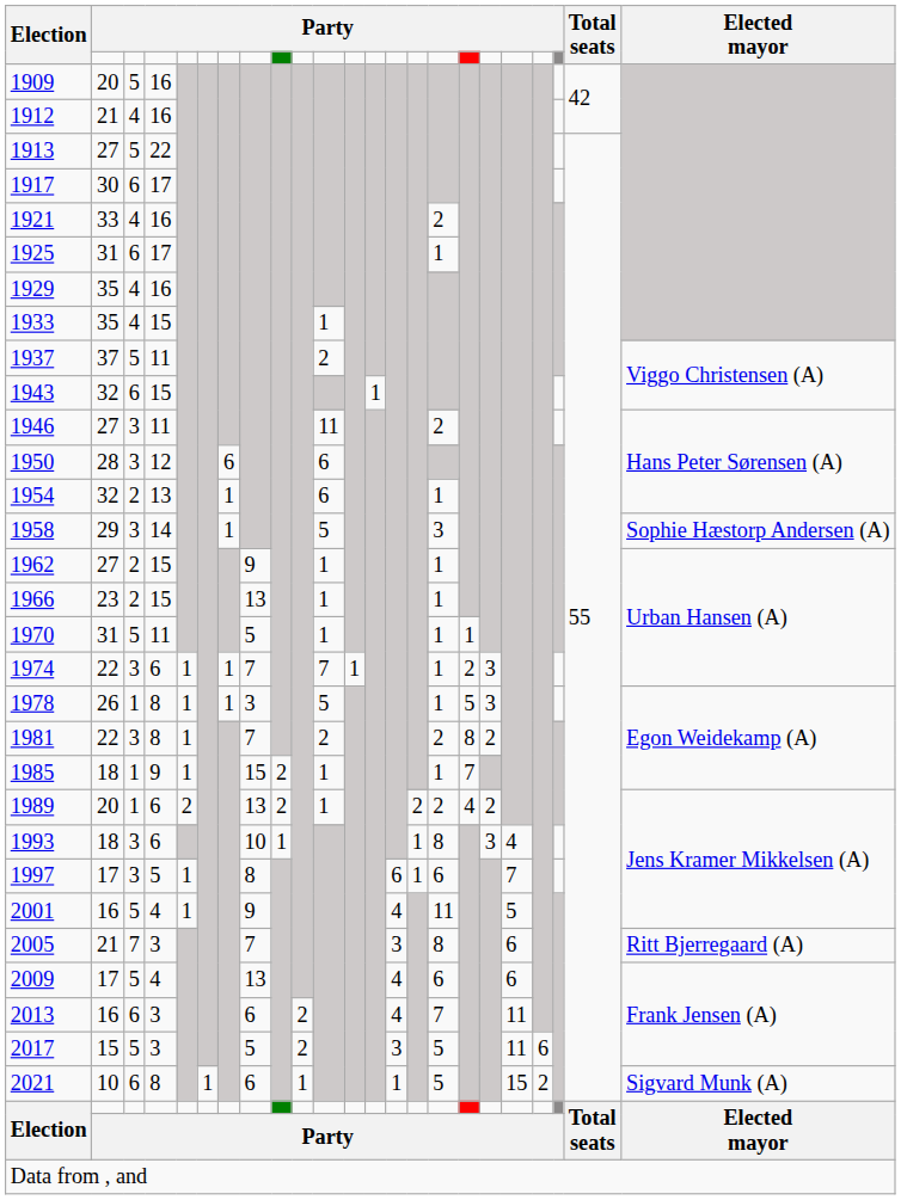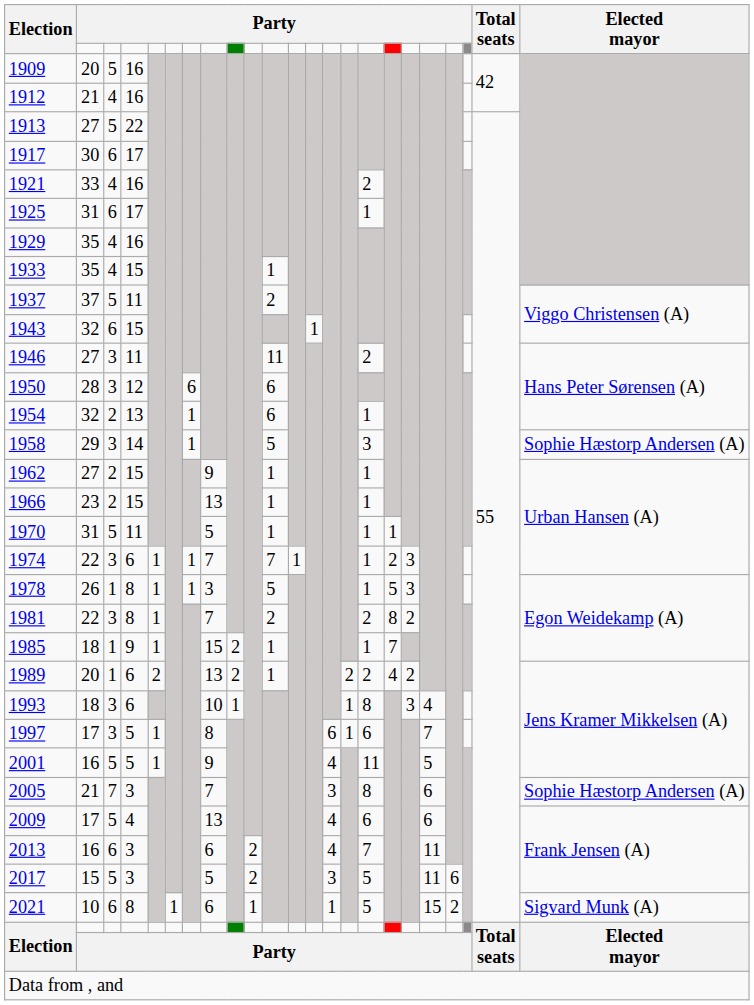 <table class="wikitable">
 <tr>
 <th rowspan="2">Election</th>
 <th colspan="20">Party</th>
 <th rowspan="2">Total<br>seats</th>
 <th rowspan="2">Elected<br>mayor</th>
 </tr>
 <tr>
 <td style="background:"><strong><a href='#'></a></strong></td>
 <td style="background:"><strong><a href='#'></a></strong></td>
 <td style="background:"><strong><a href='#'></a></strong></td>
 <td style="background:"><strong><a href='#'></a></strong></td>
 <td style="background:"><strong><a href='#'></a></strong></td>
 <td style="background:"><strong><a href='#'></a></strong></td>
 <td style="background:"><strong><a href='#'></a></strong></td>
 <td style="background:green;"><strong><a href='#'></a></strong></td>
 <td style="background:"><strong><a href='#'></a></strong></td>
 <td style="background:"><strong><a href='#'></a></strong></td>
 <td style="background:"><strong><a href='#'></a></strong></td>
 <td style="background:"><strong><a href='#'></a></strong></td>
 <td style="background:"><strong><a href='#'></a></strong></td>
 <td style="background:"><strong><a href='#'></a></strong></td>
 <td style="background:"><strong><a href='#'></a></strong></td>
 <td style="background:red;"><strong><a href='#'></a></strong></td>
 <td style="background:"><strong><a href='#'></a></strong></td>
 <td style="background:"><strong><a href='#'></a></strong></td>
 <td style="background:"><strong><a href='#'></a></strong></td>
 <td style="background:#8B8989;"><strong></strong></td>
 </tr>
 <tr>
 <td><a href='#'>1909</a></td>
 <td>20</td>
 <td>5</td>
 <td>16</td>
 <td style="background:#CDC9C9;" rowspan="17"></td>
 <td style="background:#CDC9C9;" rowspan="29"></td>
 <td style="background:#CDC9C9;" rowspan="11"></td>
 <td style="background:#CDC9C9;" rowspan="14"></td>
 <td style="background:#CDC9C9;" rowspan="20"></td>
 <td style="background:#CDC9C9;" rowspan="27"></td>
 <td style="background:#CDC9C9;" rowspan="7"></td>
 <td style="background:#CDC9C9;" rowspan="17"></td>
 <td style="background:#CDC9C9;" rowspan="9"></td>
 <td style="background:#CDC9C9;" rowspan="23"></td>
 <td style="background:#CDC9C9;" rowspan="21"></td>
 <td style="background:#CDC9C9;" rowspan="4"></td>
 <td style="background:#CDC9C9;" rowspan="16"></td>
 <td style="background:#CDC9C9;" rowspan="17"></td>
 <td style="background:#CDC9C9;" rowspan="22"></td>
 <td style="background:#CDC9C9;" rowspan="28"></td>
 <td></td>
 <td rowspan="2">42</td>
 <td style="background:#CDC9C9;" rowspan="8"></td>
 </tr>
 <tr>
 <td><a href='#'>1912</a></td>
 <td>21</td>
 <td>4</td>
 <td>16</td>
 <td></td>
 </tr>
 <tr>
 <td><a href='#'>1913</a></td>
 <td>27</td>
 <td>5</td>
 <td>22</td>
 <td></td>
 <td rowspan="28">55</td>
 </tr>
 <tr>
 <td><a href='#'>1917</a></td>
 <td>30</td>
 <td>6</td>
 <td>17</td>
 <td></td>
 </tr>
 <tr>
 <td><a href='#'>1921</a></td>
 <td>33</td>
 <td>4</td>
 <td>16</td>
 <td>2</td>
 <td style="background:#CDC9C9;" rowspan="5"></td>
 </tr>
 <tr>
 <td><a href='#'>1925</a></td>
 <td>31</td>
 <td>6</td>
 <td>17</td>
 <td>1</td>
 </tr>
 <tr>
 <td><a href='#'>1929</a></td>
 <td>35</td>
 <td>4</td>
 <td>16</td>
 <td style="background:#CDC9C9;" rowspan="4"></td>
 </tr>
 <tr>
 <td><a href='#'>1933</a></td>
 <td>35</td>
 <td>4</td>
 <td>15</td>
 <td>1</td>
 </tr>
 <tr>
 <td><a href='#'>1937</a></td>
 <td>37</td>
 <td>5</td>
 <td>11</td>
 <td>2</td>
 <td rowspan="2"><a href='#'>Viggo Christensen</a> (A)</td>
 </tr>
 <tr>
 <td><a href='#'>1943</a></td>
 <td>32</td>
 <td>6</td>
 <td>15</td>
 <td style="background:#CDC9C9;"></td>
 <td>1</td>
 <td></td>
 </tr>
 <tr>
 <td><a href='#'>1946</a></td>
 <td>27</td>
 <td>3</td>
 <td>11</td>
 <td>11</td>
 <td style="background:#CDC9C9;" rowspan="20"></td>
 <td>2</td>
 <td></td>
 <td rowspan="3"><a href='#'>Hans Peter Sørensen</a> (A)</td>
 </tr>
 <tr>
 <td><a href='#'>1950</a></td>
 <td>28</td>
 <td>3</td>
 <td>12</td>
 <td>6</td>
 <td>6</td>
 <td style="background:#CDC9C9;"></td>
 <td style="background:#CDC9C9;" rowspan="6"></td>
 </tr>
 <tr>
 <td><a href='#'>1954</a></td>
 <td>32</td>
 <td>2</td>
 <td>13</td>
 <td>1</td>
 <td>6</td>
 <td>1</td>
 </tr>
 <tr>
 <td><a href='#'>1958</a></td>
 <td>29</td>
 <td>3</td>
 <td>14</td>
 <td>1</td>
 <td>5</td>
 <td>3</td>
 <td><a href='#'>Sophie Hæstorp Andersen</a> (A)</td>
 </tr>
 <tr>
 <td><a href='#'>1962</a></td>
 <td>27</td>
 <td>2</td>
 <td>15</td>
 <td style="background:#CDC9C9;" rowspan="3"></td>
 <td>9</td>
 <td>1</td>
 <td>1</td>
 <td rowspan="4"><a href='#'>Urban Hansen</a> (A)</td>
 </tr>
 <tr>
 <td><a href='#'>1966</a></td>
 <td>23</td>
 <td>2</td>
 <td>15</td>
 <td>13</td>
 <td>1</td>
 <td>1</td>
 </tr>
 <tr>
 <td><a href='#'>1970</a></td>
 <td>31</td>
 <td>5</td>
 <td>11</td>
 <td>5</td>
 <td>1</td>
 <td>1</td>
 <td>1</td>
 </tr>
 <tr>
 <td><a href='#'>1974</a></td>
 <td>22</td>
 <td>3</td>
 <td>6</td>
 <td>1</td>
 <td>1</td>
 <td>7</td>
 <td>7</td>
 <td>1</td>
 <td>1</td>
 <td>2</td>
 <td>3</td>
 <td></td>
 </tr>
 <tr>
 <td><a href='#'>1978</a></td>
 <td>26</td>
 <td>1</td>
 <td>8</td>
 <td>1</td>
 <td>1</td>
 <td>3</td>
 <td>5</td>
 <td style="background:#CDC9C9;" rowspan="12"></td>
 <td>1</td>
 <td>5</td>
 <td>3</td>
 <td></td>
 <td rowspan="3"><a href='#'>Egon Weidekamp</a> (A)</td>
 </tr>
 <tr>
 <td><a href='#'>1981</a></td>
 <td>22</td>
 <td>3</td>
 <td>8</td>
 <td>1</td>
 <td style="background:#CDC9C9;" rowspan="11"></td>
 <td>7</td>
 <td>2</td>
 <td>2</td>
 <td>8</td>
 <td>2</td>
 <td style="background:#CDC9C9;" rowspan="3"></td>
 </tr>
 <tr>
 <td><a href='#'>1985</a></td>
 <td>18</td>
 <td>1</td>
 <td>9</td>
 <td>1</td>
 <td>15</td>
 <td>2</td>
 <td>1</td>
 <td>1</td>
 <td>7</td>
 <td style="background:#CDC9C9;"></td>
 </tr>
 <tr>
 <td><a href='#'>1989</a></td>
 <td>20</td>
 <td>1</td>
 <td>6</td>
 <td>2</td>
 <td>13</td>
 <td>2</td>
 <td>1</td>
 <td>2</td>
 <td>2</td>
 <td>4</td>
 <td>2</td>
 <td rowspan="4"><a href='#'>Jens Kramer Mikkelsen</a> (A)</td>
 </tr>
 <tr>
 <td><a href='#'>1993</a></td>
 <td>18</td>
 <td>3</td>
 <td>6</td>
 <td style="background:#CDC9C9;"></td>
 <td>10</td>
 <td>1</td>
 <td style="background:#CDC9C9;" rowspan="8"></td>
 <td>1</td>
 <td>8</td>
 <td style="background:#CDC9C9;" rowspan="8"></td>
 <td>3</td>
 <td>4</td>
 <td></td>
 </tr>
 <tr>
 <td><a href='#'>1997</a></td>
 <td>17</td>
 <td>3</td>
 <td>5</td>
 <td>1</td>
 <td>8</td>
 <td style="background:#CDC9C9;" rowspan="7"></td>
 <td>6</td>
 <td>1</td>
 <td>6</td>
 <td style="background:#CDC9C9;" rowspan="7"></td>
 <td>7</td>
 <td></td>
 </tr>
 <tr>
 <td><a href='#'>2001</a></td>
 <td>16</td>
 <td>5</td>
-<td>4</td>
+<td>5</td>
 <td>1</td>
 <td>9</td>
 <td>4</td>
 <td style="background:#CDC9C9;" rowspan="6"></td>
 <td>11</td>
 <td>5</td>
 <td style="background:#CDC9C9;" rowspan="6"></td>
 </tr>
 <tr>
 <td><a href='#'>2005</a></td>
 <td>21</td>
 <td>7</td>
 <td>3</td>
 <td style="background:#CDC9C9;" rowspan="5"></td>
 <td>7</td>
 <td>3</td>
 <td>8</td>
 <td>6</td>
-<td><a href='#'>Ritt Bjerregaard</a> (A)</td>
+<td><a href='#'>Sophie Hæstorp Andersen</a> (A)</td>
 </tr>
 <tr>
 <td><a href='#'>2009</a></td>
 <td>17</td>
 <td>5</td>
 <td>4</td>
 <td>13</td>
 <td>4</td>
 <td>6</td>
 <td>6</td>
 <td rowspan="3"><a href='#'>Frank Jensen</a> (A)</td>
 </tr>
 <tr>
 <td><a href='#'>2013</a></td>
 <td>16</td>
 <td>6</td>
 <td>3</td>
 <td>6</td>
 <td>2</td>
 <td>4</td>
 <td>7</td>
 <td>11</td>
 </tr>
 <tr>
 <td><a href='#'>2017</a></td>
 <td>15</td>
 <td>5</td>
 <td>3</td>
 <td>5</td>
 <td>2</td>
 <td>3</td>
 <td>5</td>
 <td>11</td>
 <td>6</td>
 </tr>
 <tr>
 <td><a href='#'>2021</a></td>
 <td>10</td>
 <td>6</td>
 <td>8</td>
 <td>1</td>
 <td>6</td>
 <td>1</td>
 <td>1</td>
 <td>5</td>
 <td>15</td>
 <td>2</td>
 <td><a href='#'>Sigvard Munk</a> (A)</td>
 </tr>
 <tr>
 <th rowspan="2">Election</th>
 <td style="background:"><strong><a href='#'></a></strong></td>
 <td style="background:"><strong><a href='#'></a></strong></td>
 <td style="background:"><strong><a href='#'></a></strong></td>
 <td style="background:"><strong><a href='#'></a></strong></td>
 <td style="background:"><strong><a href='#'></a></strong></td>
 <td style="background:"><strong><a href='#'></a></strong></td>
 <td style="background:"><strong><a href='#'></a></strong></td>
 <td style="background:green;"><strong><a href='#'></a></strong></td>
 <td style="background:"><strong><a href='#'></a></strong></td>
 <td style="background:"><strong><a href='#'></a></strong></td>
 <td style="background:"><strong><a href='#'></a></strong></td>
 <td style="background:"><strong><a href='#'></a></strong></td>
 <td style="background:"><strong><a href='#'></a></strong></td>
 <td style="background:"><strong><a href='#'></a></strong></td>
 <td style="background:"><strong><a href='#'></a></strong></td>
 <td style="background:red;"><strong><a href='#'></a></strong></td>
 <td style="background:"><strong><a href='#'></a></strong></td>
 <td style="background:"><strong><a href='#'></a></strong></td>
 <td style="background:"><strong><a href='#'></a></strong></td>
 <td style="background:#8B8989;"><strong></strong></td>
 <th rowspan="2">Total<br>seats</th>
 <th rowspan="2">Elected<br>mayor</th>
 </tr>
 <tr>
 <th colspan="20">Party</th>
 </tr>
 <tr>
 <td colspan="99">Data from ,  and </td>
 </tr>
 </table>
